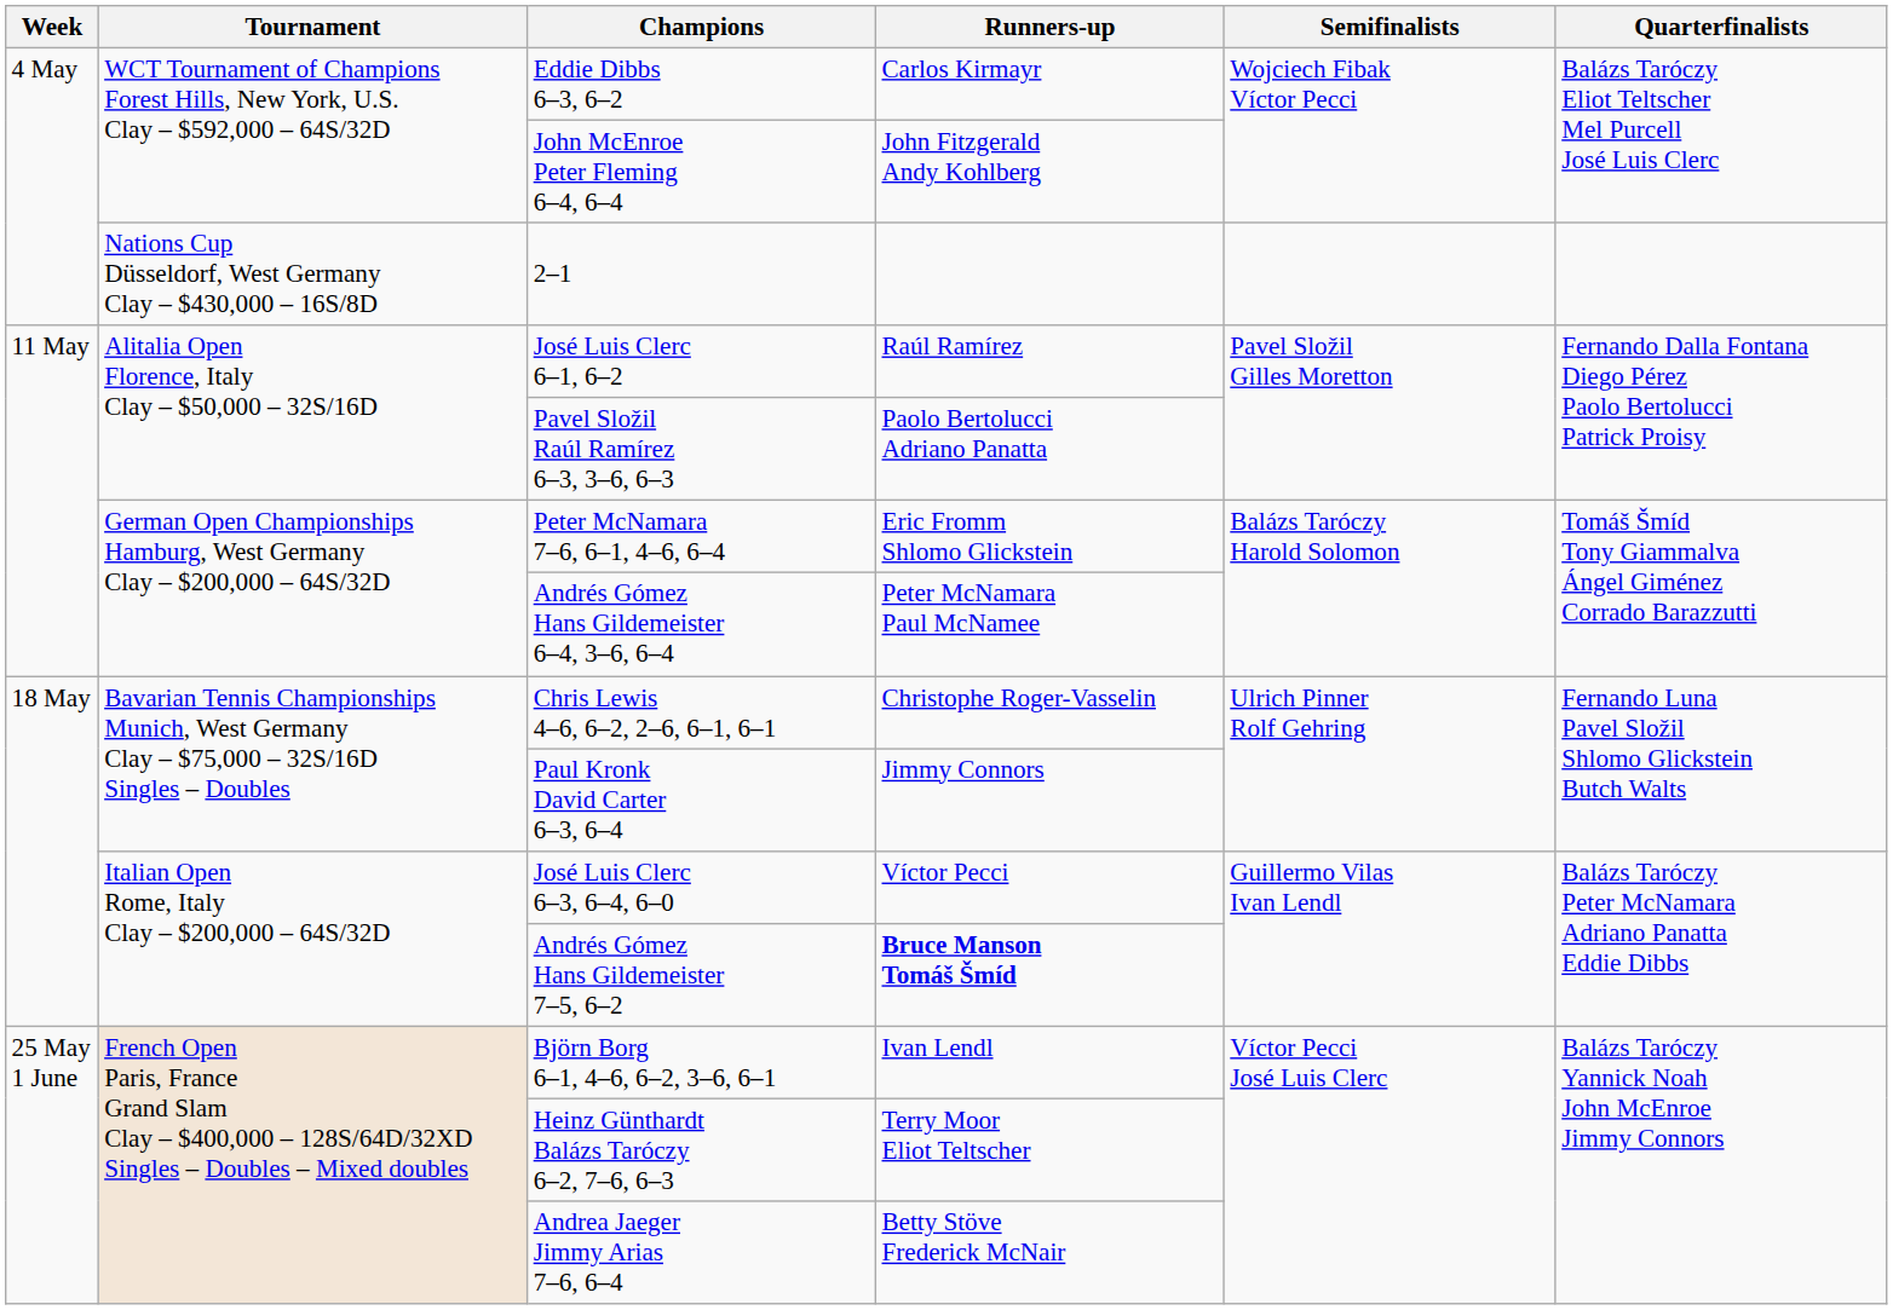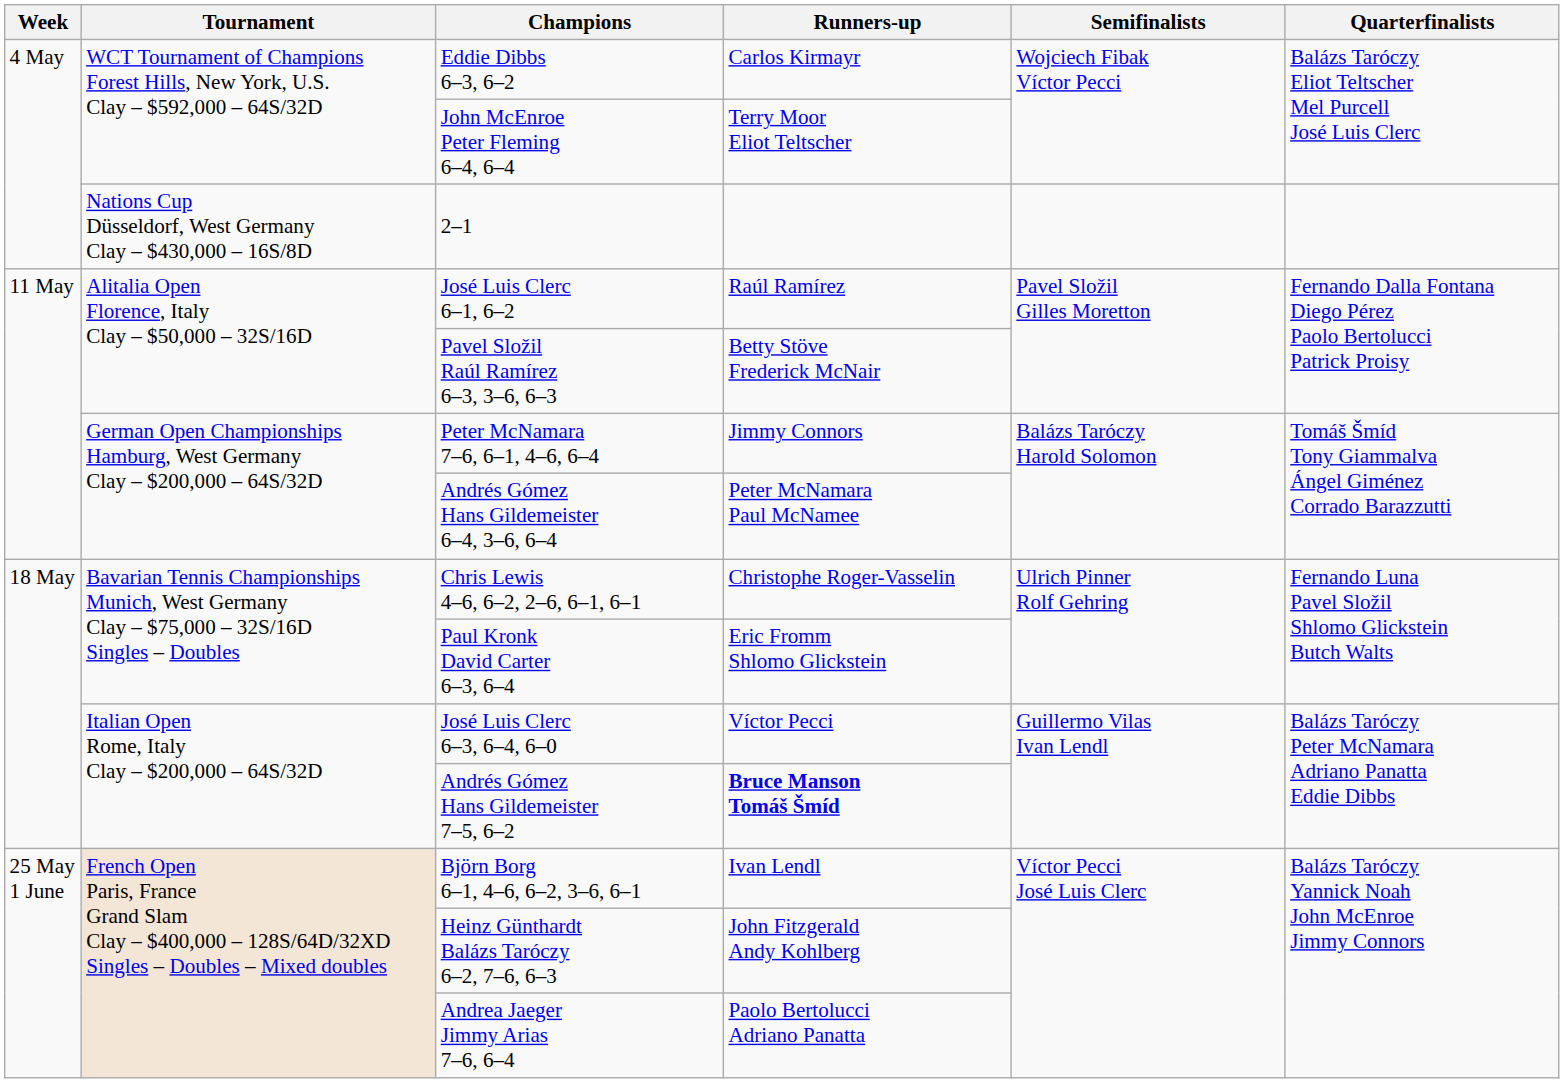 <table class=wikitable style=font-size:95%>
 <tr>
 <th style="width:48px;">Week</th>
 <th style="width:248px;">Tournament</th>
 <th style="width:200px;">Champions</th>
 <th style="width:200px;">Runners-up</th>
 <th style="width:190px;">Semifinalists</th>
 <th style="width:190px;">Quarterfinalists</th>
 </tr>
 <tr valign=top>
 <td rowspan=3>4 May</td>
 <td rowspan=2><a href='#'>WCT Tournament of Champions</a> <br> <a href='#'>Forest Hills</a>, New York, U.S. <br> Clay – $592,000 – 64S/32D</td>
 <td> <a href='#'>Eddie Dibbs</a> <br> 6–3, 6–2</td>
 <td> <a href='#'>Carlos Kirmayr</a></td>
 <td rowspan=2> <a href='#'>Wojciech Fibak</a> <br>  <a href='#'>Víctor Pecci</a></td>
 <td rowspan=2> <a href='#'>Balázs Taróczy</a> <br>  <a href='#'>Eliot Teltscher</a> <br>  <a href='#'>Mel Purcell</a> <br>  <a href='#'>José Luis Clerc</a></td>
 </tr>
 <tr valign=top>
 <td> <a href='#'>John McEnroe</a> <br>  <a href='#'>Peter Fleming</a> <br> 6–4, 6–4</td>
-<td> <a href='#'>John Fitzgerald</a> <br>  <a href='#'>Andy Kohlberg</a></td>
+<td> <a href='#'>Terry Moor</a> <br>  <a href='#'>Eliot Teltscher</a></td>
 </tr>
 <tr valign=top>
 <td><a href='#'>Nations Cup</a> <br> Düsseldorf, West Germany <br> Clay – $430,000 – 16S/8D</td>
 <td><br> 2–1</td>
 <td></td>
 <td> <br> </td>
 <td> <br>  <br>  <br> </td>
 </tr>
 <tr valign=top>
 <td rowspan=4>11 May</td>
 <td rowspan=2><a href='#'>Alitalia Open</a> <br> <a href='#'>Florence</a>, Italy <br> Clay – $50,000 – 32S/16D</td>
 <td> <a href='#'>José Luis Clerc</a> <br> 6–1, 6–2</td>
 <td> <a href='#'>Raúl Ramírez</a></td>
 <td rowspan=2> <a href='#'>Pavel Složil</a> <br>  <a href='#'>Gilles Moretton</a></td>
 <td rowspan=2> <a href='#'>Fernando Dalla Fontana</a> <br>  <a href='#'>Diego Pérez</a> <br>  <a href='#'>Paolo Bertolucci</a> <br>  <a href='#'>Patrick Proisy</a></td>
 </tr>
 <tr valign=top>
 <td> <a href='#'>Pavel Složil</a> <br>  <a href='#'>Raúl Ramírez</a> <br> 6–3, 3–6, 6–3</td>
-<td> <a href='#'>Paolo Bertolucci</a> <br>  <a href='#'>Adriano Panatta</a></td>
+<td> <a href='#'>Betty Stöve</a> <br>  <a href='#'>Frederick McNair</a></td>
 </tr>
 <tr valign=top>
 <td rowspan=2><a href='#'>German Open Championships</a> <br> <a href='#'>Hamburg</a>, West Germany <br> Clay – $200,000 – 64S/32D</td>
 <td> <a href='#'>Peter McNamara</a> <br> 7–6, 6–1, 4–6, 6–4</td>
-<td> <a href='#'>Eric Fromm</a> <br>  <a href='#'>Shlomo Glickstein</a></td>
+<td> <a href='#'>Jimmy Connors</a></td>
 <td rowspan=2> <a href='#'>Balázs Taróczy</a> <br>  <a href='#'>Harold Solomon</a></td>
 <td rowspan=2> <a href='#'>Tomáš Šmíd</a> <br>  <a href='#'>Tony Giammalva</a> <br>  <a href='#'>Ángel Giménez</a> <br>  <a href='#'>Corrado Barazzutti</a></td>
 </tr>
 <tr valign=top>
 <td> <a href='#'>Andrés Gómez</a> <br>  <a href='#'>Hans Gildemeister</a> <br> 6–4, 3–6, 6–4</td>
 <td> <a href='#'>Peter McNamara</a> <br>  <a href='#'>Paul McNamee</a></td>
 </tr>
 <tr valign=top>
 <td rowspan=4>18 May</td>
 <td rowspan=2><a href='#'>Bavarian Tennis Championships</a> <br> <a href='#'>Munich</a>, West Germany <br> Clay – $75,000 – 32S/16D <br> <a href='#'>Singles</a> – <a href='#'>Doubles</a></td>
 <td> <a href='#'>Chris Lewis</a> <br> 4–6, 6–2, 2–6, 6–1, 6–1</td>
 <td> <a href='#'>Christophe Roger-Vasselin</a></td>
 <td rowspan=2> <a href='#'>Ulrich Pinner</a> <br>  <a href='#'>Rolf Gehring</a></td>
 <td rowspan=2> <a href='#'>Fernando Luna</a> <br>  <a href='#'>Pavel Složil</a> <br>  <a href='#'>Shlomo Glickstein</a> <br>  <a href='#'>Butch Walts</a></td>
 </tr>
 <tr valign=top>
 <td> <a href='#'>Paul Kronk</a> <br>  <a href='#'>David Carter</a> <br> 6–3, 6–4</td>
-<td> <a href='#'>Jimmy Connors</a></td>
+<td> <a href='#'>Eric Fromm</a> <br>  <a href='#'>Shlomo Glickstein</a></td>
 </tr>
 <tr valign=top>
 <td rowspan=2><a href='#'>Italian Open</a> <br> Rome, Italy <br> Clay – $200,000 – 64S/32D</td>
 <td> <a href='#'>José Luis Clerc</a> <br> 6–3, 6–4, 6–0</td>
 <td> <a href='#'>Víctor Pecci</a></td>
 <td rowspan=2> <a href='#'>Guillermo Vilas</a> <br>  <a href='#'>Ivan Lendl</a></td>
 <td rowspan=2> <a href='#'>Balázs Taróczy</a> <br>  <a href='#'>Peter McNamara</a> <br>  <a href='#'>Adriano Panatta</a> <br>  <a href='#'>Eddie Dibbs</a></td>
 </tr>
 <tr valign=top>
 <td> <a href='#'>Andrés Gómez</a> <br>  <a href='#'>Hans Gildemeister</a> <br> 7–5, 6–2</td>
 <td><strong> <a href='#'>Bruce Manson</a> <br>  <a href='#'>Tomáš Šmíd</a></strong></td>
 </tr>
 <tr valign=top>
 <td rowspan=3>25 May<br>1 June</td>
 <td style="background:#f3e6d7;" rowspan=3><a href='#'>French Open</a> <br> Paris, France <br> Grand Slam <br> Clay – $400,000 – 128S/64D/32XD <br> <a href='#'>Singles</a> – <a href='#'>Doubles</a> – <a href='#'>Mixed doubles</a></td>
 <td> <a href='#'>Björn Borg</a> <br> 6–1, 4–6, 6–2, 3–6, 6–1</td>
 <td> <a href='#'>Ivan Lendl</a></td>
 <td rowspan=3> <a href='#'>Víctor Pecci</a> <br>  <a href='#'>José Luis Clerc</a></td>
 <td rowspan=3> <a href='#'>Balázs Taróczy</a> <br>  <a href='#'>Yannick Noah</a> <br>  <a href='#'>John McEnroe</a> <br>  <a href='#'>Jimmy Connors</a></td>
 </tr>
 <tr valign=top>
 <td> <a href='#'>Heinz Günthardt</a> <br>  <a href='#'>Balázs Taróczy</a> <br> 6–2, 7–6, 6–3</td>
-<td> <a href='#'>Terry Moor</a> <br>  <a href='#'>Eliot Teltscher</a></td>
+<td> <a href='#'>John Fitzgerald</a> <br>  <a href='#'>Andy Kohlberg</a></td>
 </tr>
 <tr valign=top>
 <td> <a href='#'>Andrea Jaeger</a> <br>  <a href='#'>Jimmy Arias</a> <br> 7–6, 6–4</td>
-<td> <a href='#'>Betty Stöve</a> <br>  <a href='#'>Frederick McNair</a></td>
+<td> <a href='#'>Paolo Bertolucci</a> <br>  <a href='#'>Adriano Panatta</a></td>
 </tr>
 </table>
